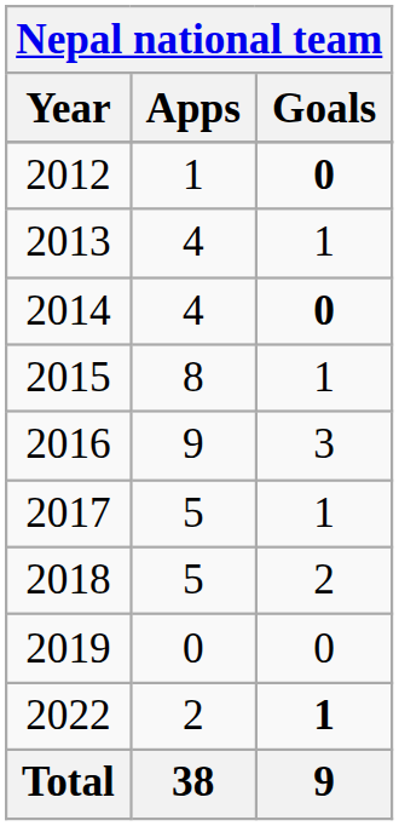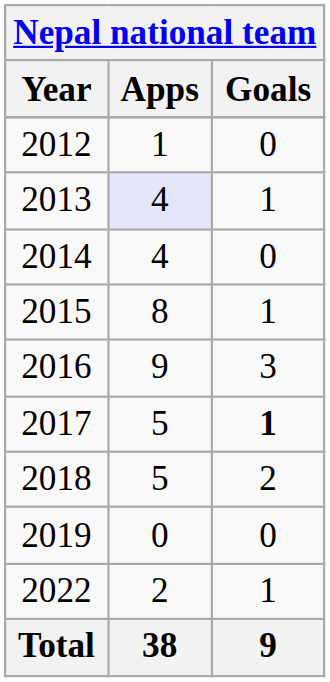 <table class="wikitable" style="text-align:center">
 <tr>
 <th colspan=3><a href='#'>Nepal national team</a></th>
 </tr>
 <tr>
 <th>Year</th>
 <th>Apps</th>
 <th>Goals</th>
 </tr>
 <tr>
 </tr>
 <tr>
 <td>2012</td>
 <td>1</td>
-<td><strong>0</strong></td>
+<td>0</td>
 </tr>
 <tr>
 <td>2013</td>
-<td>4</td>
+<td style="background: lavender;">4</td>
 <td>1</td>
 </tr>
 <tr>
 <td>2014</td>
 <td>4</td>
-<td><strong>0</strong></td>
+<td>0</td>
 </tr>
 <tr>
 <td>2015</td>
 <td>8</td>
 <td>1</td>
 </tr>
 <tr>
 <td>2016</td>
 <td>9</td>
 <td>3</td>
 </tr>
 <tr>
 <td>2017</td>
 <td>5</td>
-<td>1</td>
+<td><strong>1</strong></td>
 </tr>
 <tr>
 <td>2018</td>
 <td>5</td>
 <td>2</td>
 </tr>
 <tr>
 <td>2019</td>
 <td>0</td>
 <td>0</td>
 </tr>
 <tr>
 <td>2022</td>
 <td>2</td>
-<td><strong>1</strong></td>
+<td>1</td>
 </tr>
 <tr>
 <th>Total</th>
 <th>38</th>
 <th>9</th>
 </tr>
 </table>
